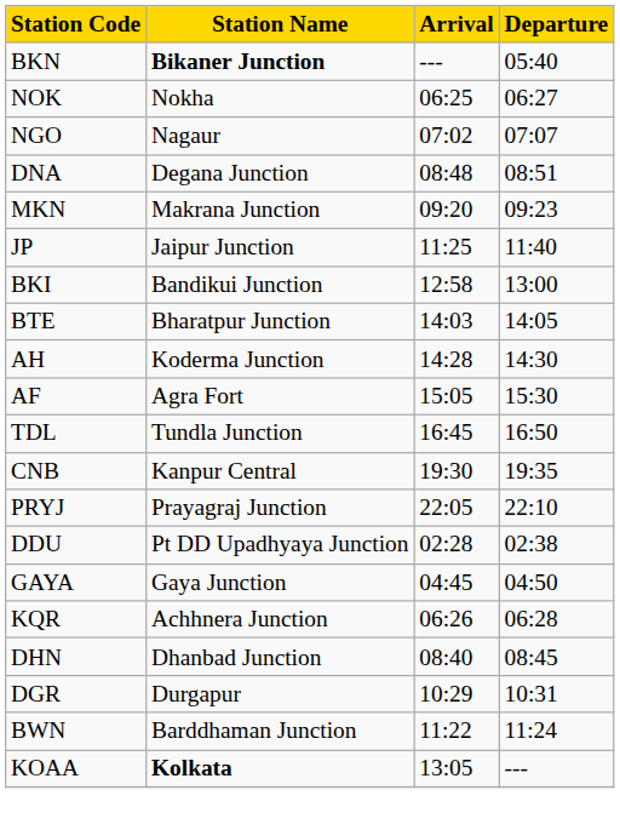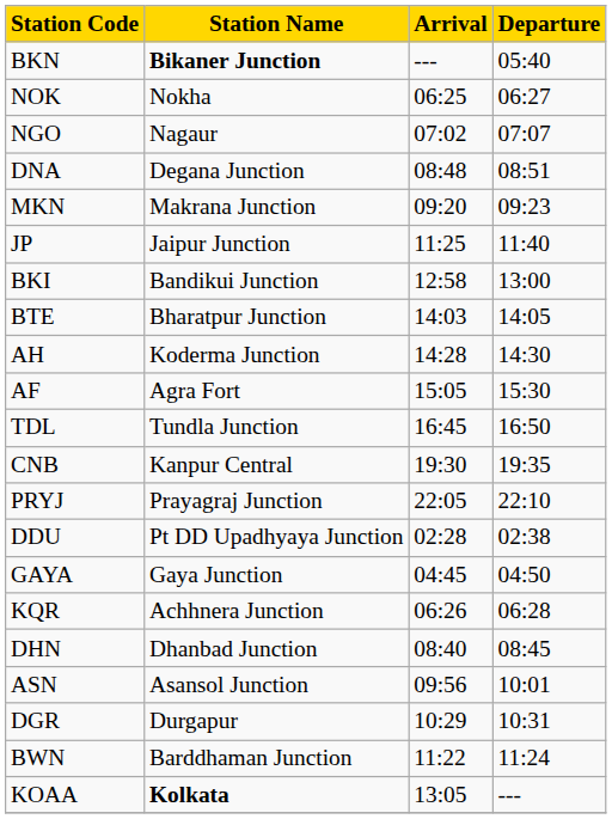 <table class="wikitable">
 <tr>
 <th style="background:gold;">Station Code</th>
 <th ! style="background:gold;">Station Name</th>
 <th ! style="background:gold;">Arrival</th>
 <th ! style="background:gold;">Departure</th>
 </tr>
 <tr>
 <td>BKN</td>
 <td><strong>Bikaner Junction</strong></td>
 <td>---</td>
 <td>05:40</td>
 </tr>
 <tr>
 <td>NOK</td>
 <td>Nokha</td>
 <td>06:25</td>
 <td>06:27</td>
 </tr>
 <tr>
 <td>NGO</td>
 <td>Nagaur</td>
 <td>07:02</td>
 <td>07:07</td>
 </tr>
 <tr>
 <td>DNA</td>
 <td>Degana Junction</td>
 <td>08:48</td>
 <td>08:51</td>
 </tr>
 <tr>
 <td>MKN</td>
 <td>Makrana Junction</td>
 <td>09:20</td>
 <td>09:23</td>
 </tr>
 <tr>
 <td>JP</td>
 <td>Jaipur Junction</td>
 <td>11:25</td>
 <td>11:40</td>
 </tr>
 <tr>
 <td>BKI</td>
 <td>Bandikui Junction</td>
 <td>12:58</td>
 <td>13:00</td>
 </tr>
 <tr>
 <td>BTE</td>
 <td>Bharatpur Junction</td>
 <td>14:03</td>
 <td>14:05</td>
 </tr>
 <tr>
 <td>AH</td>
 <td>Koderma Junction</td>
 <td>14:28</td>
 <td>14:30</td>
 </tr>
 <tr>
 <td>AF</td>
 <td>Agra Fort</td>
 <td>15:05</td>
 <td>15:30</td>
 </tr>
 <tr>
 <td>TDL</td>
 <td>Tundla Junction</td>
 <td>16:45</td>
 <td>16:50</td>
 </tr>
 <tr>
 <td>CNB</td>
 <td>Kanpur Central</td>
 <td>19:30</td>
 <td>19:35</td>
 </tr>
 <tr>
 <td>PRYJ</td>
 <td>Prayagraj Junction</td>
 <td>22:05</td>
 <td>22:10</td>
 </tr>
 <tr>
 <td>DDU</td>
 <td>Pt DD Upadhyaya Junction</td>
 <td>02:28</td>
 <td>02:38</td>
 </tr>
 <tr>
 <td>GAYA</td>
 <td>Gaya Junction</td>
 <td>04:45</td>
 <td>04:50</td>
 </tr>
 <tr>
 <td>KQR</td>
 <td>Achhnera Junction</td>
 <td>06:26</td>
 <td>06:28</td>
 </tr>
 <tr>
 <td>DHN</td>
 <td>Dhanbad Junction</td>
 <td>08:40</td>
 <td>08:45</td>
 </tr>
 <tr>
+<td>ASN</td>
+<td>Asansol Junction</td>
+<td>09:56</td>
+<td>10:01</td>
+</tr>
+<tr>
 <td>DGR</td>
 <td>Durgapur</td>
 <td>10:29</td>
 <td>10:31</td>
 </tr>
 <tr>
 <td>BWN</td>
 <td>Barddhaman Junction</td>
 <td>11:22</td>
 <td>11:24</td>
 </tr>
 <tr>
 <td>KOAA</td>
 <td><strong>Kolkata</strong></td>
 <td>13:05</td>
 <td>---</td>
 </tr>
 <tr>
 </tr>
 </table>
